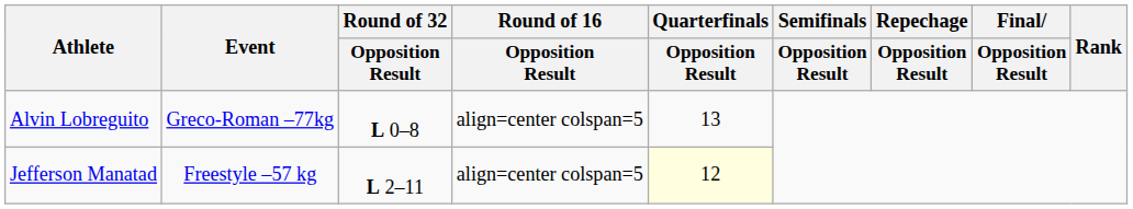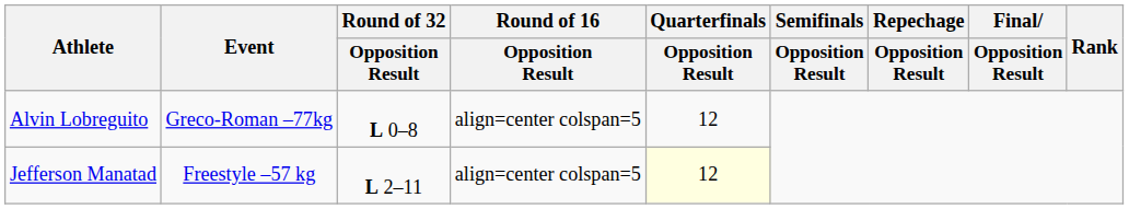 <table class=wikitable style="text-align:center; font-size:90%">
 <tr>
 <th rowspan="2">Athlete</th>
 <th rowspan="2">Event</th>
 <th>Round of 32</th>
 <th>Round of 16</th>
 <th>Quarterfinals</th>
 <th>Semifinals</th>
 <th>Repechage</th>
 <th>Final/</th>
 <th rowspan=2>Rank</th>
 </tr>
 <tr style="font-size:95%">
 <th>Opposition<br>Result</th>
 <th>Opposition<br>Result</th>
 <th>Opposition<br>Result</th>
 <th>Opposition<br>Result</th>
 <th>Opposition<br>Result</th>
 <th>Opposition<br>Result</th>
 </tr>
 <tr>
 <td align=left><a href='#'>Alvin Lobreguito</a></td>
 <td><a href='#'>Greco-Roman –77kg</a></td>
 <td style="text-align:center;"> <br> <strong>L</strong> 0–8</td>
 <td>align=center colspan=5</td>
-<td>13</td>
+<td>12</td>
 </tr>
 <tr>
 <td align=left><a href='#'>Jefferson Manatad</a></td>
 <td><a href='#'>Freestyle –57 kg</a></td>
 <td style="text-align:center;"> <br> <strong>L</strong> 2–11</td>
 <td>align=center colspan=5</td>
 <td style="background: lightyellow;">12</td>
 </tr>
 </table>
